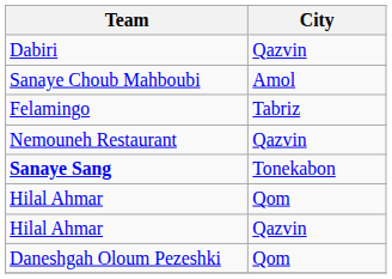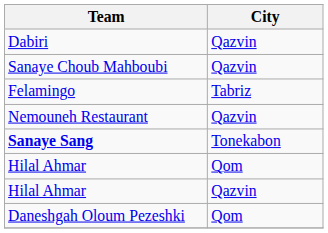 <table class="wikitable sortable">
 <tr>
 <th width=200>Team</th>
 <th width=110>City</th>
 </tr>
 <tr>
 <td align="left"><a href='#'>Dabiri</a></td>
 <td><a href='#'>Qazvin</a></td>
 </tr>
 <tr>
 <td align="left"><a href='#'>Sanaye Choub Mahboubi</a></td>
-<td><a href='#'>Amol</a></td>
+<td><a href='#'>Qazvin</a></td>
 </tr>
 <tr>
 <td align="left"><a href='#'>Felamingo</a></td>
 <td><a href='#'>Tabriz</a></td>
 </tr>
 <tr>
 <td align="left"><a href='#'>Nemouneh Restaurant</a></td>
 <td><a href='#'>Qazvin</a></td>
 </tr>
 <tr>
 <td align="left"><strong><a href='#'>Sanaye Sang</a></strong></td>
 <td><a href='#'>Tonekabon</a></td>
 </tr>
 <tr>
 <td align="left"><a href='#'>Hilal Ahmar</a></td>
 <td><a href='#'>Qom</a></td>
 </tr>
 <tr>
 <td align="left"><a href='#'>Hilal Ahmar</a></td>
 <td><a href='#'>Qazvin</a></td>
 </tr>
 <tr>
 <td align="left"><a href='#'>Daneshgah Oloum Pezeshki</a></td>
 <td><a href='#'>Qom</a></td>
 </tr>
 <tr>
 </tr>
 </table>
